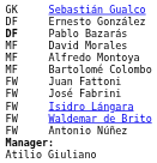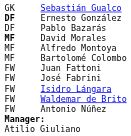 <table cellspacing="0" cellpadding="0" style="font-size:90%; margin:0.2em auto;">
 <tr>
 <th width="25"></th>
 <th width="25"></th>
 </tr>
 <tr>
 <td>GK</td>
 <td></td>
 <td> <a href='#'>Sebastián Gualco</a></td>
 </tr>
 <tr>
-<td>DF</td>
+<td><strong>DF</strong></td>
 <td></td>
 <td> Ernesto González</td>
 </tr>
 <tr>
-<td><strong>DF</strong></td>
+<td>DF</td>
 <td></td>
 <td> Pablo Bazarás</td>
 </tr>
 <tr>
-<td>MF</td>
+<td><strong>MF</strong></td>
 <td></td>
 <td> David Morales</td>
 </tr>
 <tr>
 <td>MF</td>
 <td></td>
 <td> Alfredo Montoya</td>
 </tr>
 <tr>
 <td>MF</td>
 <td></td>
 <td> Bartolomé Colombo</td>
 </tr>
 <tr>
 <td>FW</td>
 <td></td>
 <td> Juan Fattoni</td>
 </tr>
 <tr>
 <td>FW</td>
 <td></td>
 <td> José Fabrini</td>
 </tr>
 <tr>
 <td>FW</td>
 <td></td>
 <td> <a href='#'>Isidro Lángara</a></td>
 </tr>
 <tr>
 <td>FW</td>
 <td></td>
 <td> <a href='#'>Waldemar de Brito</a></td>
 </tr>
 <tr>
 <td>FW</td>
 <td></td>
 <td> Antonio Núñez</td>
 </tr>
 <tr>
 <td colspan=4><strong>Manager:</strong></td>
 </tr>
 <tr>
 <td colspan="4"> Atilio Giuliano </td>
 </tr>
 </table>
